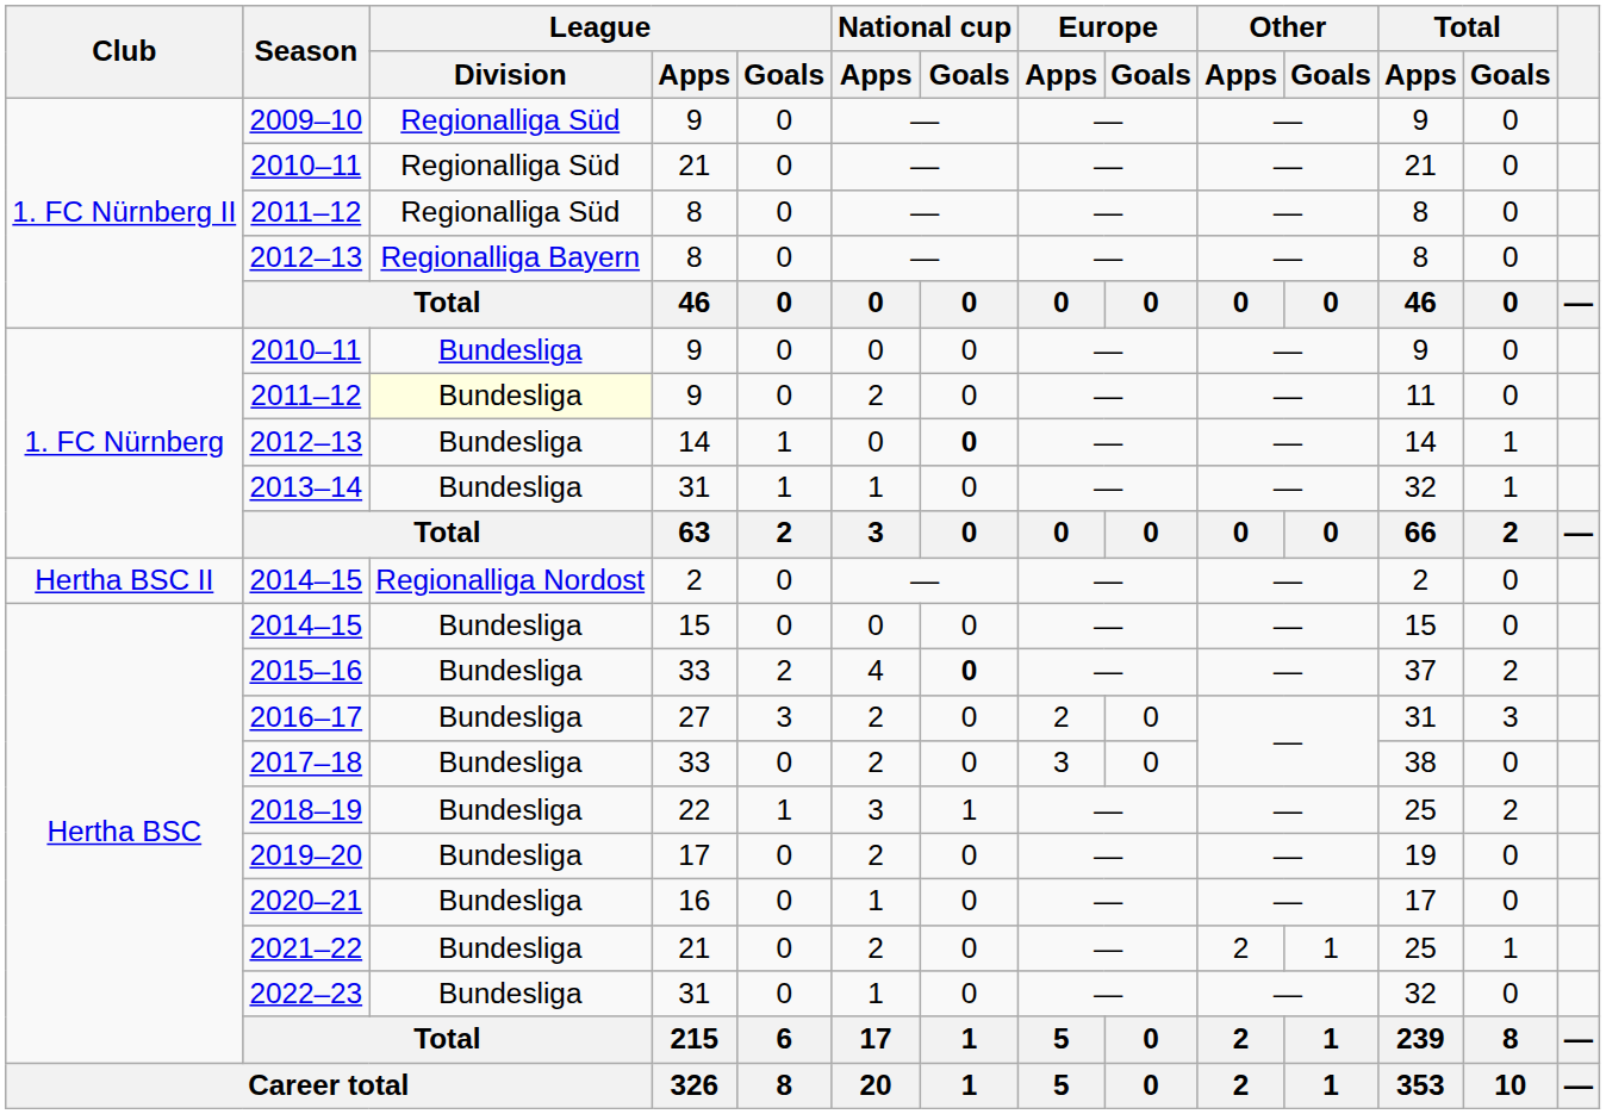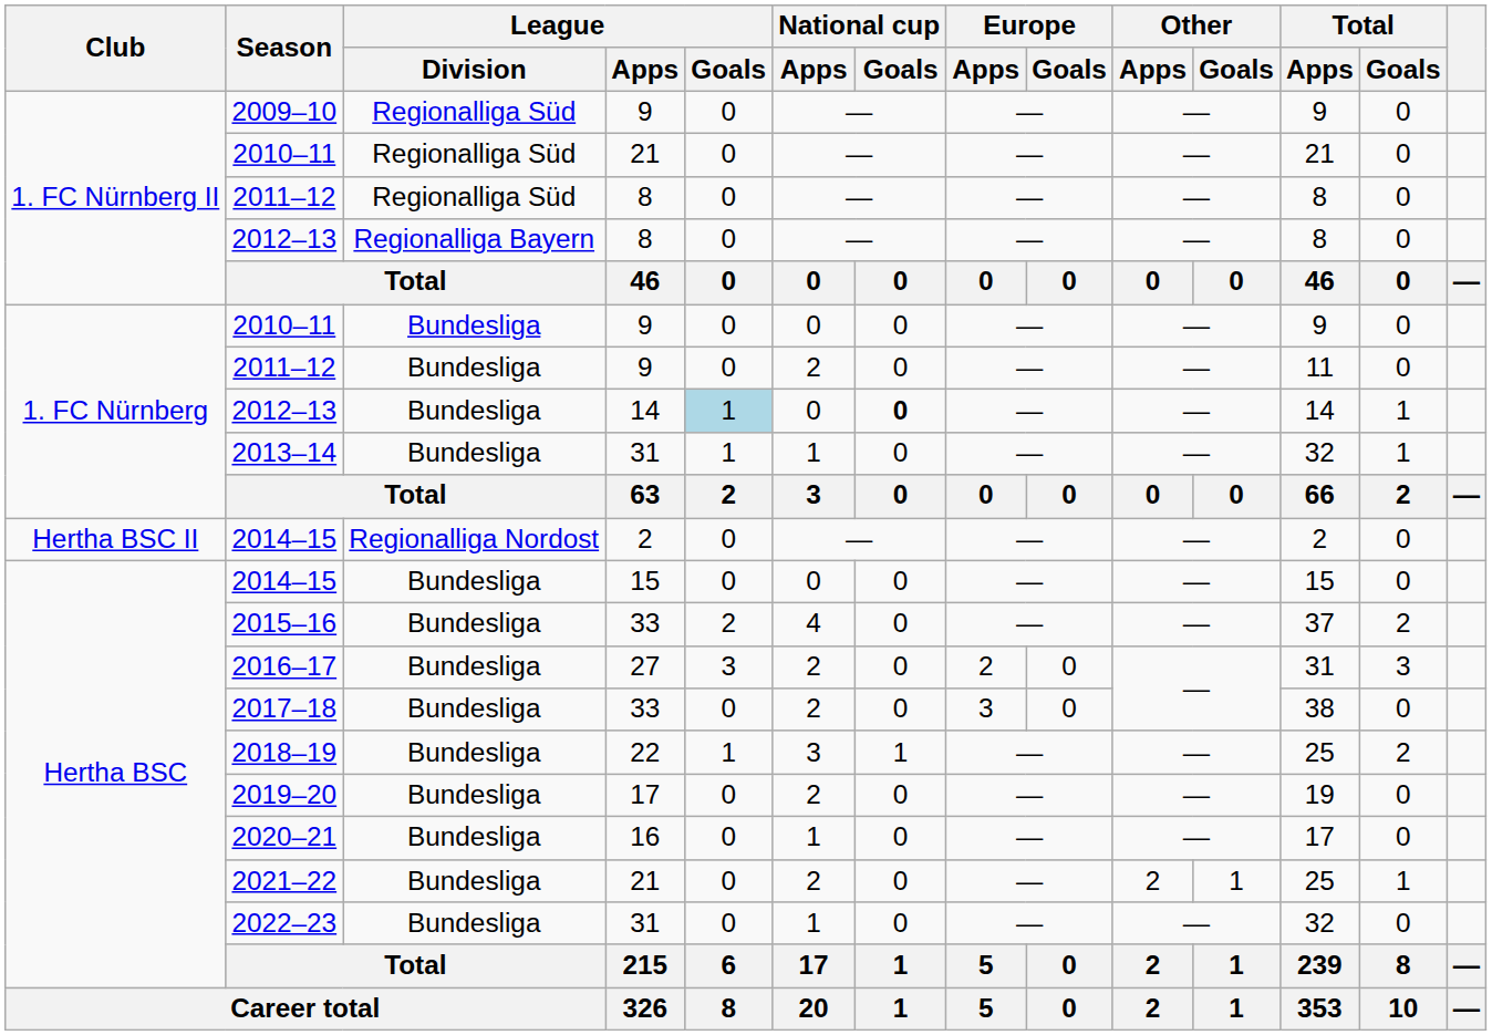 <table class="wikitable" style="text-align:center">
 <tr>
 <th rowspan="2">Club</th>
 <th rowspan="2">Season</th>
 <th colspan="3">League</th>
 <th colspan="2">National cup</th>
 <th colspan="2">Europe</th>
 <th colspan="2">Other</th>
 <th colspan="2">Total</th>
 <th rowspan="2"></th>
 </tr>
 <tr>
 <th>Division</th>
 <th>Apps</th>
 <th>Goals</th>
 <th>Apps</th>
 <th>Goals</th>
 <th>Apps</th>
 <th>Goals</th>
 <th>Apps</th>
 <th>Goals</th>
 <th>Apps</th>
 <th>Goals</th>
 </tr>
 <tr>
 <td rowspan="5"><a href='#'>1. FC Nürnberg II</a></td>
 <td><a href='#'>2009–10</a></td>
 <td><a href='#'>Regionalliga Süd</a></td>
 <td>9</td>
 <td>0</td>
 <td colspan="2">—</td>
 <td colspan="2">—</td>
 <td colspan="2">—</td>
 <td>9</td>
 <td>0</td>
 <td></td>
 </tr>
 <tr>
 <td><a href='#'>2010–11</a></td>
 <td>Regionalliga Süd</td>
 <td>21</td>
 <td>0</td>
 <td colspan="2">—</td>
 <td colspan="2">—</td>
 <td colspan="2">—</td>
 <td>21</td>
 <td>0</td>
 <td></td>
 </tr>
 <tr>
 <td><a href='#'>2011–12</a></td>
 <td>Regionalliga Süd</td>
 <td>8</td>
 <td>0</td>
 <td colspan="2">—</td>
 <td colspan="2">—</td>
 <td colspan="2">—</td>
 <td>8</td>
 <td>0</td>
 <td></td>
 </tr>
 <tr>
 <td><a href='#'>2012–13</a></td>
 <td><a href='#'>Regionalliga Bayern</a></td>
 <td>8</td>
 <td>0</td>
 <td colspan="2">—</td>
 <td colspan="2">—</td>
 <td colspan="2">—</td>
 <td>8</td>
 <td>0</td>
 <td></td>
 </tr>
 <tr>
 <th colspan="2">Total</th>
 <th>46</th>
 <th>0</th>
 <th>0</th>
 <th>0</th>
 <th>0</th>
 <th>0</th>
 <th>0</th>
 <th>0</th>
 <th>46</th>
 <th>0</th>
 <th>—</th>
 </tr>
 <tr>
 <td rowspan="5"><a href='#'>1. FC Nürnberg</a></td>
 <td><a href='#'>2010–11</a></td>
 <td><a href='#'>Bundesliga</a></td>
 <td>9</td>
 <td>0</td>
 <td>0</td>
 <td>0</td>
 <td colspan="2">—</td>
 <td colspan="2">—</td>
 <td>9</td>
 <td>0</td>
 <td></td>
 </tr>
 <tr>
 <td><a href='#'>2011–12</a></td>
-<td style="background: lightyellow;">Bundesliga</td>
+<td>Bundesliga</td>
 <td>9</td>
 <td>0</td>
 <td>2</td>
 <td>0</td>
 <td colspan="2">—</td>
 <td colspan="2">—</td>
 <td>11</td>
 <td>0</td>
 <td></td>
 </tr>
 <tr>
 <td><a href='#'>2012–13</a></td>
 <td>Bundesliga</td>
 <td>14</td>
-<td>1</td>
+<td style="background: lightblue;">1</td>
 <td>0</td>
 <td><strong>0</strong></td>
 <td colspan="2">—</td>
 <td colspan="2">—</td>
 <td>14</td>
 <td>1</td>
 <td></td>
 </tr>
 <tr>
 <td><a href='#'>2013–14</a></td>
 <td>Bundesliga</td>
 <td>31</td>
 <td>1</td>
 <td>1</td>
 <td>0</td>
 <td colspan="2">—</td>
 <td colspan="2">—</td>
 <td>32</td>
 <td>1</td>
 <td></td>
 </tr>
 <tr>
 <th colspan="2">Total</th>
 <th>63</th>
 <th>2</th>
 <th>3</th>
 <th>0</th>
 <th>0</th>
 <th>0</th>
 <th>0</th>
 <th>0</th>
 <th>66</th>
 <th>2</th>
 <th>—</th>
 </tr>
 <tr>
 <td><a href='#'>Hertha BSC II</a></td>
 <td><a href='#'>2014–15</a></td>
 <td><a href='#'>Regionalliga Nordost</a></td>
 <td>2</td>
 <td>0</td>
 <td colspan="2">—</td>
 <td colspan="2">—</td>
 <td colspan="2">—</td>
 <td>2</td>
 <td>0</td>
 <td></td>
 </tr>
 <tr>
 <td rowspan="10"><a href='#'>Hertha BSC</a></td>
 <td><a href='#'>2014–15</a></td>
 <td>Bundesliga</td>
 <td>15</td>
 <td>0</td>
 <td>0</td>
 <td>0</td>
 <td colspan="2">—</td>
 <td colspan="2">—</td>
 <td>15</td>
 <td>0</td>
 <td></td>
 </tr>
 <tr>
 <td><a href='#'>2015–16</a></td>
 <td>Bundesliga</td>
 <td>33</td>
 <td>2</td>
 <td>4</td>
-<td><strong>0</strong></td>
+<td>0</td>
 <td colspan="2">—</td>
 <td colspan="2">—</td>
 <td>37</td>
 <td>2</td>
 <td></td>
 </tr>
 <tr>
 <td><a href='#'>2016–17</a></td>
 <td>Bundesliga</td>
 <td>27</td>
 <td>3</td>
 <td>2</td>
 <td>0</td>
 <td>2</td>
 <td>0</td>
 <td rowspan="2" colspan="2">—</td>
 <td>31</td>
 <td>3</td>
 <td></td>
 </tr>
 <tr>
 <td><a href='#'>2017–18</a></td>
 <td>Bundesliga</td>
 <td>33</td>
 <td>0</td>
 <td>2</td>
 <td>0</td>
 <td>3</td>
 <td>0</td>
 <td>38</td>
 <td>0</td>
 <td></td>
 </tr>
 <tr>
 <td><a href='#'>2018–19</a></td>
 <td>Bundesliga</td>
 <td>22</td>
 <td>1</td>
 <td>3</td>
 <td>1</td>
 <td colspan="2">—</td>
 <td colspan="2">—</td>
 <td>25</td>
 <td>2</td>
 <td></td>
 </tr>
 <tr>
 <td><a href='#'>2019–20</a></td>
 <td>Bundesliga</td>
 <td>17</td>
 <td>0</td>
 <td>2</td>
 <td>0</td>
 <td colspan="2">—</td>
 <td colspan="2">—</td>
 <td>19</td>
 <td>0</td>
 <td></td>
 </tr>
 <tr>
 <td><a href='#'>2020–21</a></td>
 <td>Bundesliga</td>
 <td>16</td>
 <td>0</td>
 <td>1</td>
 <td>0</td>
 <td colspan="2">—</td>
 <td colspan="2">—</td>
 <td>17</td>
 <td>0</td>
 <td></td>
 </tr>
 <tr>
 <td><a href='#'>2021–22</a></td>
 <td>Bundesliga</td>
 <td>21</td>
 <td>0</td>
 <td>2</td>
 <td>0</td>
 <td colspan="2">—</td>
 <td>2</td>
 <td>1</td>
 <td>25</td>
 <td>1</td>
 <td></td>
 </tr>
 <tr>
 <td><a href='#'>2022–23</a></td>
 <td>Bundesliga</td>
 <td>31</td>
 <td>0</td>
 <td>1</td>
 <td>0</td>
 <td colspan="2">—</td>
 <td colspan="2">—</td>
 <td>32</td>
 <td>0</td>
 <td></td>
 </tr>
 <tr>
 <th colspan="2">Total</th>
 <th>215</th>
 <th>6</th>
 <th>17</th>
 <th>1</th>
 <th>5</th>
 <th>0</th>
 <th>2</th>
 <th>1</th>
 <th>239</th>
 <th>8</th>
 <th>—</th>
 </tr>
 <tr>
 <th colspan="3">Career total</th>
 <th>326</th>
 <th>8</th>
 <th>20</th>
 <th>1</th>
 <th>5</th>
 <th>0</th>
 <th>2</th>
 <th>1</th>
 <th>353</th>
 <th>10</th>
 <th>—</th>
 </tr>
 </table>
